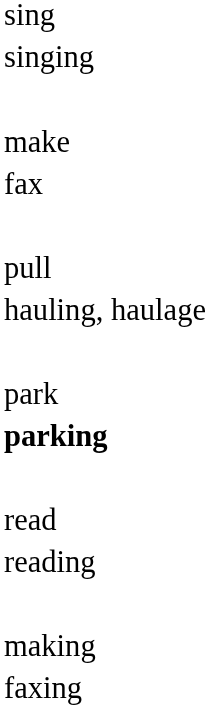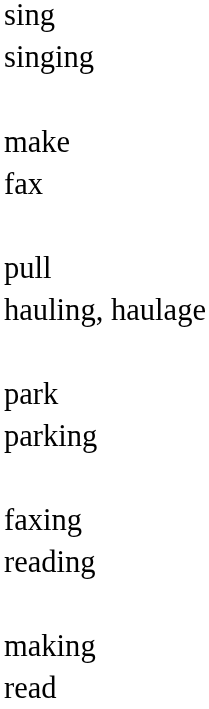 <table>
 <tr>
 <td></td>
 <td>sing</td>
 </tr>
 <tr>
 <td></td>
 <td>singing</td>
 </tr>
 <tr>
 <td> </td>
 <td> </td>
 </tr>
 <tr>
 <td></td>
 <td>make</td>
 </tr>
 <tr>
 <td></td>
 <td>fax</td>
 </tr>
 <tr>
 <td> </td>
 <td> </td>
 </tr>
 <tr>
 <td></td>
 <td>pull</td>
 </tr>
 <tr>
 <td></td>
 <td>hauling, haulage</td>
 </tr>
 <tr>
 <td> </td>
 <td> </td>
 </tr>
 <tr>
 <td></td>
 <td>park</td>
 </tr>
 <tr>
 <td></td>
-<td><strong>parking</strong></td>
+<td>parking</td>
 </tr>
 <tr>
 <td> </td>
 <td> </td>
 </tr>
 <tr>
 <td></td>
-<td>read</td>
+<td>faxing</td>
 </tr>
 <tr>
 <td></td>
 <td>reading</td>
 </tr>
 <tr>
 <td> </td>
 <td> </td>
 </tr>
 <tr>
 <td></td>
 <td>making</td>
 </tr>
 <tr>
 <td></td>
-<td>faxing</td>
+<td>read</td>
 </tr>
 </table>
